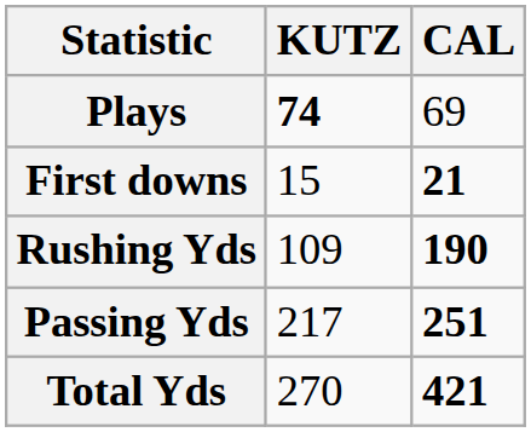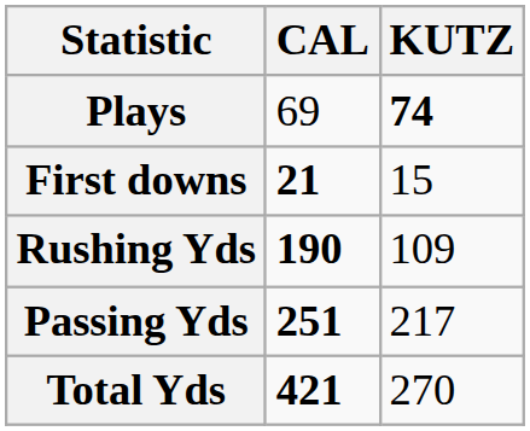 <table class="wikitable">
 <tr>
 <th>Statistic</th>
+<th>CAL</th>
 <th>KUTZ</th>
-<th>CAL</th>
 </tr>
 <tr>
 <th>Plays</th>
+<td>69</td>
 <td><strong>74</strong></td>
-<td>69</td>
 </tr>
 <tr>
 <th>First downs</th>
+<td><strong>21</strong></td>
 <td>15</td>
-<td><strong>21</strong></td>
 </tr>
 <tr>
 <th>Rushing Yds</th>
+<td><strong>190</strong></td>
 <td>109</td>
-<td><strong>190</strong></td>
 </tr>
 <tr>
 <th>Passing Yds</th>
+<td><strong>251</strong></td>
 <td>217</td>
-<td><strong>251</strong></td>
 </tr>
 <tr>
 <th>Total Yds</th>
+<td><strong>421</strong></td>
 <td>270</td>
-<td><strong>421</strong></td>
 </tr>
 </table>
